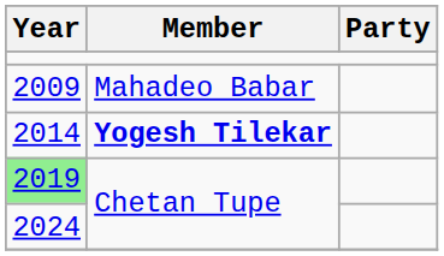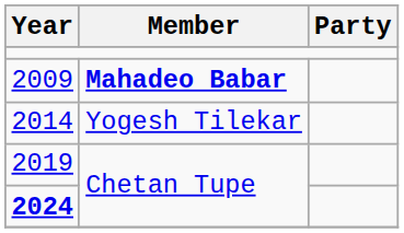 <table class="wikitable">
 <tr>
 <th>Year</th>
 <th>Member</th>
 <th colspan=2>Party</th>
 </tr>
 <tr>
 <td colspan=4></td>
 </tr>
 <tr>
 <td><a href='#'>2009</a></td>
-<td><a href='#'>Mahadeo Babar</a></td>
+<td><strong><a href='#'>Mahadeo Babar</a></strong></td>
 <td></td>
 </tr>
 <tr>
 <td><a href='#'>2014</a></td>
-<td><strong><a href='#'>Yogesh Tilekar</a></strong></td>
+<td><a href='#'>Yogesh Tilekar</a></td>
 <td></td>
 </tr>
 <tr>
-<td style="background: lightgreen;"><a href='#'>2019</a></td>
+<td><a href='#'>2019</a></td>
 <td rowspan="2"><a href='#'>Chetan Tupe</a></td>
 <td></td>
 </tr>
 <tr>
-<td><a href='#'>2024</a></td>
+<td><strong><a href='#'>2024</a></strong></td>
 <td></td>
 </tr>
 <tr>
 </tr>
 </table>
